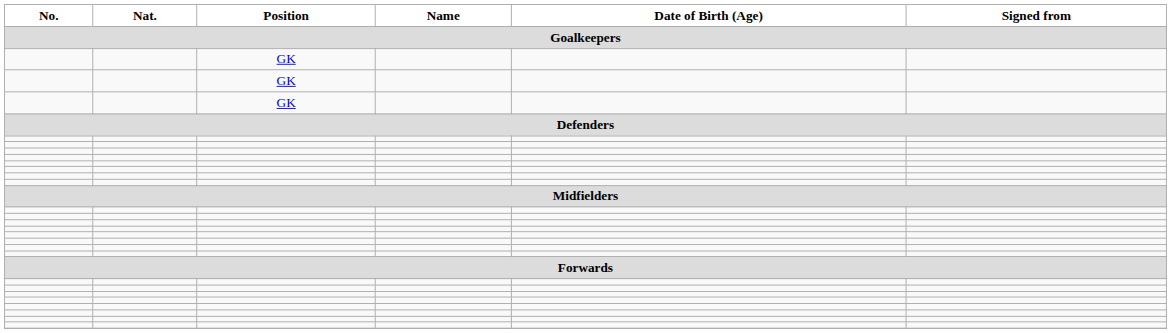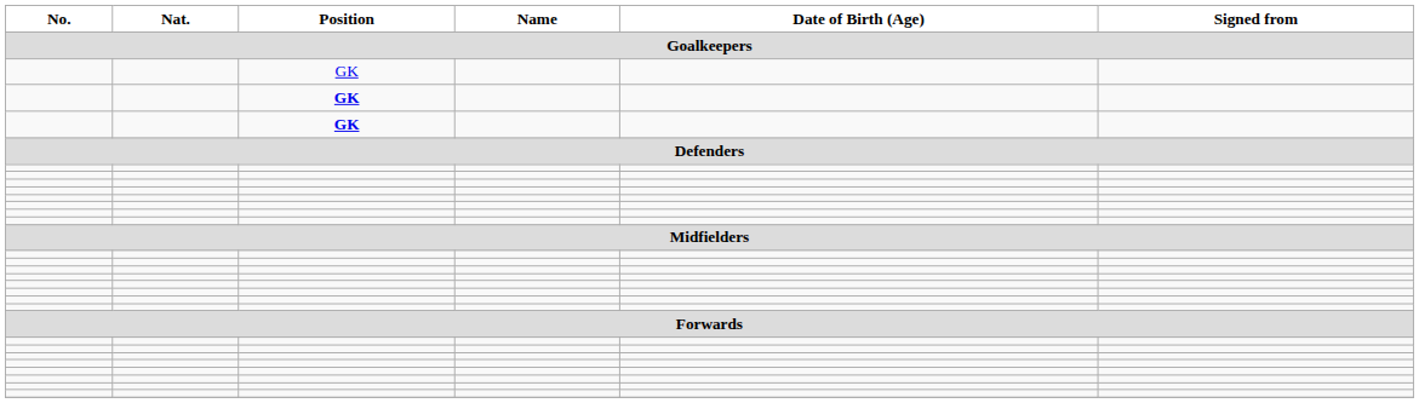 <table class="wikitable" style="text-align:center; font-size:90%; width:100%">
 <tr>
 <th style="background:white; color:black; text-align:center;">No.</th>
 <th style="background:white; color:black; text-align:center;">Nat.</th>
 <th style="background:white; color:black; text-align:center;">Position</th>
 <th style="background:white; color:black; text-align:center;">Name</th>
 <th style="background:white; color:black; text-align:center;">Date of Birth (Age)</th>
 <th style="background:white; color:black; text-align:center;">Signed from</th>
 </tr>
 <tr>
 <th colspan=10 style="background:#DCDCDC; text-align:center;">Goalkeepers</th>
 </tr>
 <tr>
 <td></td>
 <td></td>
 <td><a href='#'>GK</a></td>
 <td></td>
 <td></td>
 <td style="text-align:left"> <a href='#'></a></td>
 </tr>
 <tr>
 <td></td>
 <td></td>
-<td><a href='#'>GK</a></td>
+<td><strong><a href='#'>GK</a></strong></td>
 <td></td>
 <td></td>
 <td style="text-align:left"> <a href='#'></a></td>
 </tr>
 <tr>
 <td></td>
 <td></td>
-<td><a href='#'>GK</a></td>
+<td><strong><a href='#'>GK</a></strong></td>
 <td></td>
 <td></td>
 <td style="text-align:left"> <a href='#'></a></td>
 </tr>
 <tr>
 <th colspan=10 style="background:#DCDCDC; text-align:center;">Defenders</th>
 </tr>
 <tr>
 <td></td>
 <td></td>
 <td></td>
 <td></td>
 <td></td>
 <td style="text-align:left"> <a href='#'></a></td>
 </tr>
 <tr>
 <td></td>
 <td></td>
 <td></td>
 <td></td>
 <td></td>
 <td style="text-align:left"> <a href='#'></a></td>
 </tr>
 <tr>
 <td></td>
 <td></td>
 <td></td>
 <td></td>
 <td></td>
 <td style="text-align:left"> <a href='#'></a></td>
 </tr>
 <tr>
 <td></td>
 <td></td>
 <td></td>
 <td></td>
 <td></td>
 <td style="text-align:left"> <a href='#'></a></td>
 </tr>
 <tr>
 <td></td>
 <td></td>
 <td></td>
 <td></td>
 <td></td>
 <td style="text-align:left"> <a href='#'></a></td>
 </tr>
 <tr>
 <td></td>
 <td></td>
 <td></td>
 <td></td>
 <td></td>
 <td style="text-align:left"> <a href='#'></a></td>
 </tr>
 <tr>
 <td></td>
 <td></td>
 <td></td>
 <td></td>
 <td></td>
 <td style="text-align:left"> <a href='#'></a></td>
 </tr>
 <tr>
 <td></td>
 <td></td>
 <td></td>
 <td></td>
 <td></td>
 <td style="text-align:left"> <a href='#'></a></td>
 </tr>
 <tr>
 <th colspan=10 style="background:#DCDCDC; text-align:center;">Midfielders</th>
 </tr>
 <tr>
 <td></td>
 <td></td>
 <td></td>
 <td></td>
 <td></td>
 <td style="text-align:left"> <a href='#'></a></td>
 </tr>
 <tr>
 <td></td>
 <td></td>
 <td></td>
 <td></td>
 <td></td>
 <td style="text-align:left"> <a href='#'></a></td>
 </tr>
 <tr>
 <td></td>
 <td></td>
 <td></td>
 <td></td>
 <td></td>
 <td style="text-align:left"> <a href='#'></a></td>
 </tr>
 <tr>
 <td></td>
 <td></td>
 <td></td>
 <td></td>
 <td></td>
 <td style="text-align:left"> <a href='#'></a></td>
 </tr>
 <tr>
 <td></td>
 <td></td>
 <td></td>
 <td></td>
 <td></td>
 <td style="text-align:left"> <a href='#'></a></td>
 </tr>
 <tr>
 <td></td>
 <td></td>
 <td></td>
 <td></td>
 <td></td>
 <td style="text-align:left"> <a href='#'></a></td>
 </tr>
 <tr>
 <td></td>
 <td></td>
 <td></td>
 <td></td>
 <td></td>
 <td style="text-align:left"> <a href='#'></a></td>
 </tr>
 <tr>
 <td></td>
 <td></td>
 <td></td>
 <td></td>
 <td></td>
 <td style="text-align:left"> <a href='#'></a></td>
 </tr>
 <tr>
 <th colspan=10 style="background:#DCDCDC; text-align:center;">Forwards</th>
 </tr>
 <tr>
 <td></td>
 <td></td>
 <td></td>
 <td></td>
 <td></td>
 <td style="text-align:left"> <a href='#'></a></td>
 </tr>
 <tr>
 <td></td>
 <td></td>
 <td></td>
 <td></td>
 <td></td>
 <td style="text-align:left"> <a href='#'></a></td>
 </tr>
 <tr>
 <td></td>
 <td></td>
 <td></td>
 <td></td>
 <td></td>
 <td style="text-align:left"> <a href='#'></a></td>
 </tr>
 <tr>
 <td></td>
 <td></td>
 <td></td>
 <td></td>
 <td></td>
 <td style="text-align:left"> <a href='#'></a></td>
 </tr>
 <tr>
 <td></td>
 <td></td>
 <td></td>
 <td></td>
 <td></td>
 <td style="text-align:left"> <a href='#'></a></td>
 </tr>
 <tr>
 <td></td>
 <td></td>
 <td></td>
 <td></td>
 <td></td>
 <td style="text-align:left"> <a href='#'></a></td>
 </tr>
 <tr>
 <td></td>
 <td></td>
 <td></td>
 <td></td>
 <td></td>
 <td style="text-align:left"> <a href='#'></a></td>
 </tr>
 <tr>
 <td></td>
 <td></td>
 <td></td>
 <td></td>
 <td></td>
 <td style="text-align:left"> <a href='#'></a></td>
 </tr>
 <tr>
 </tr>
 </table>
